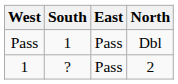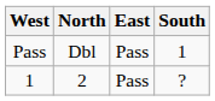 <table class=wikitable style="float:left; margin-top:5px; margin-right:10px;">
 <tr>
 <th>West</th>
+<th>North</th>
+<th>East</th>
 <th>South</th>
-<th>East</th>
-<th>North</th>
 </tr>
 <tr align=center>
 <td>Pass</td>
+<td>Dbl</td>
+<td>Pass</td>
 <td>1</td>
-<td>Pass</td>
-<td>Dbl</td>
 </tr>
 <tr align=center>
 <td>1</td>
+<td>2</td>
+<td>Pass</td>
 <td>?</td>
-<td>Pass</td>
-<td>2</td>
 </tr>
 </table>
